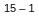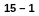 <table style="text-align:center">
 <tr>
 <th width=200></th>
 <th width=100></th>
 <th width=200></th>
 </tr>
 <tr>
 <td align=right><strong></strong></td>
-<td>15 – 1</td>
+<td><strong>15 – 1</strong></td>
 <td align=left></td>
 </tr>
 </table>
